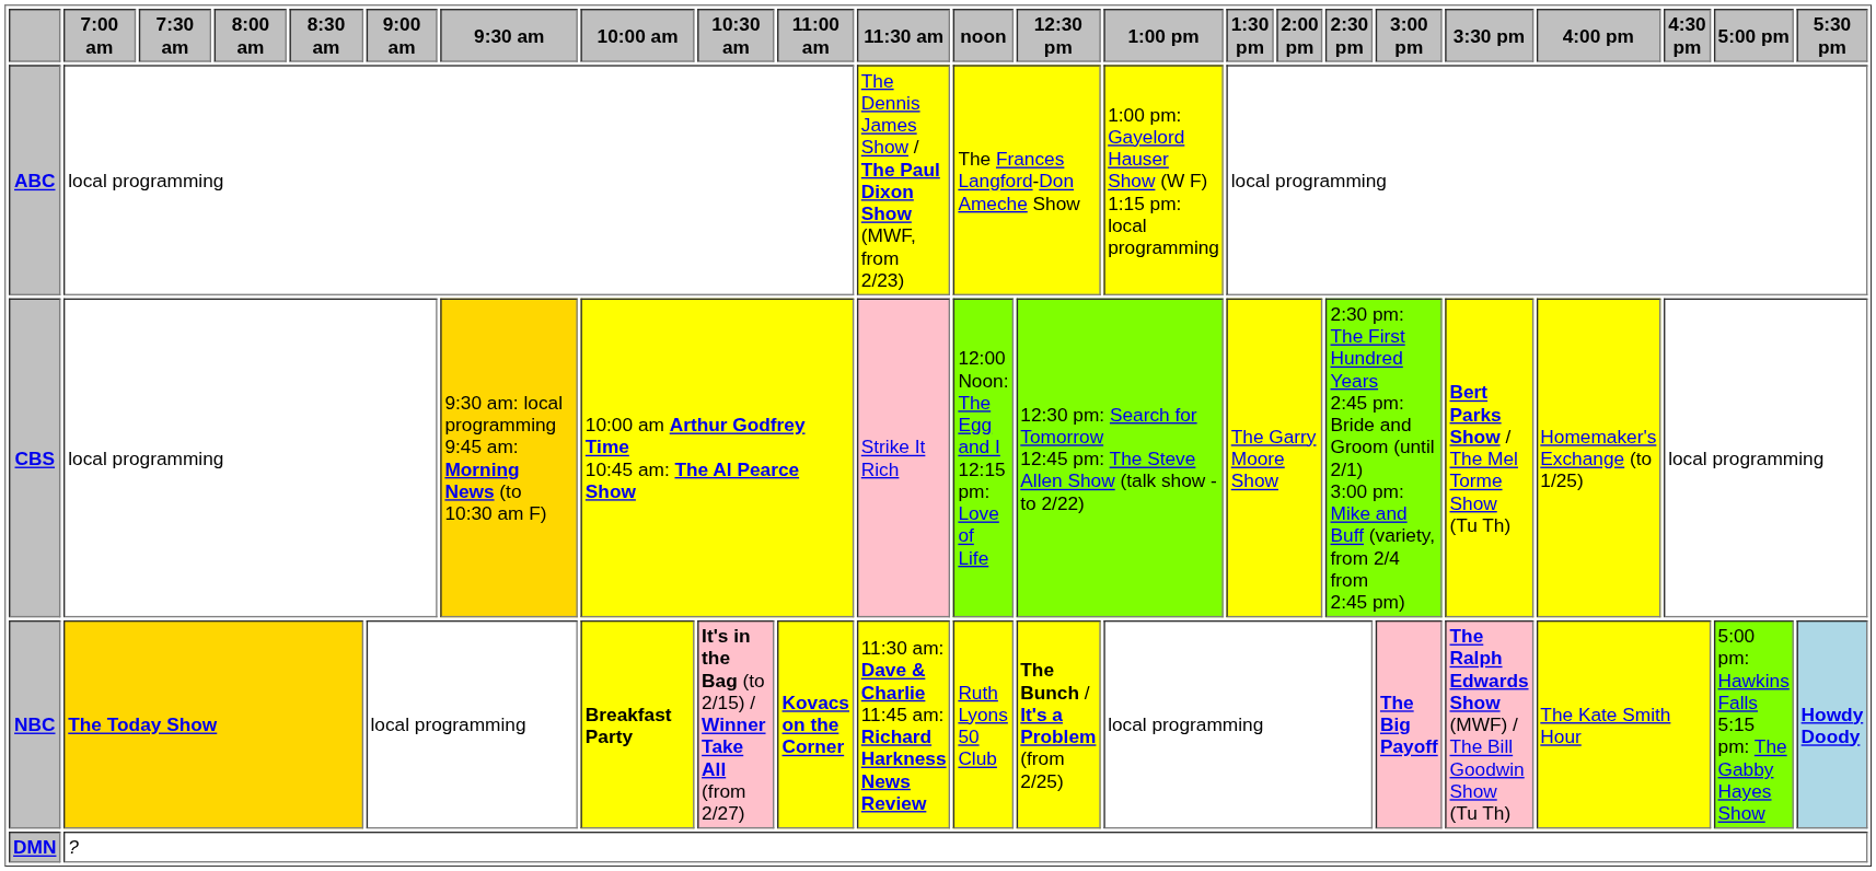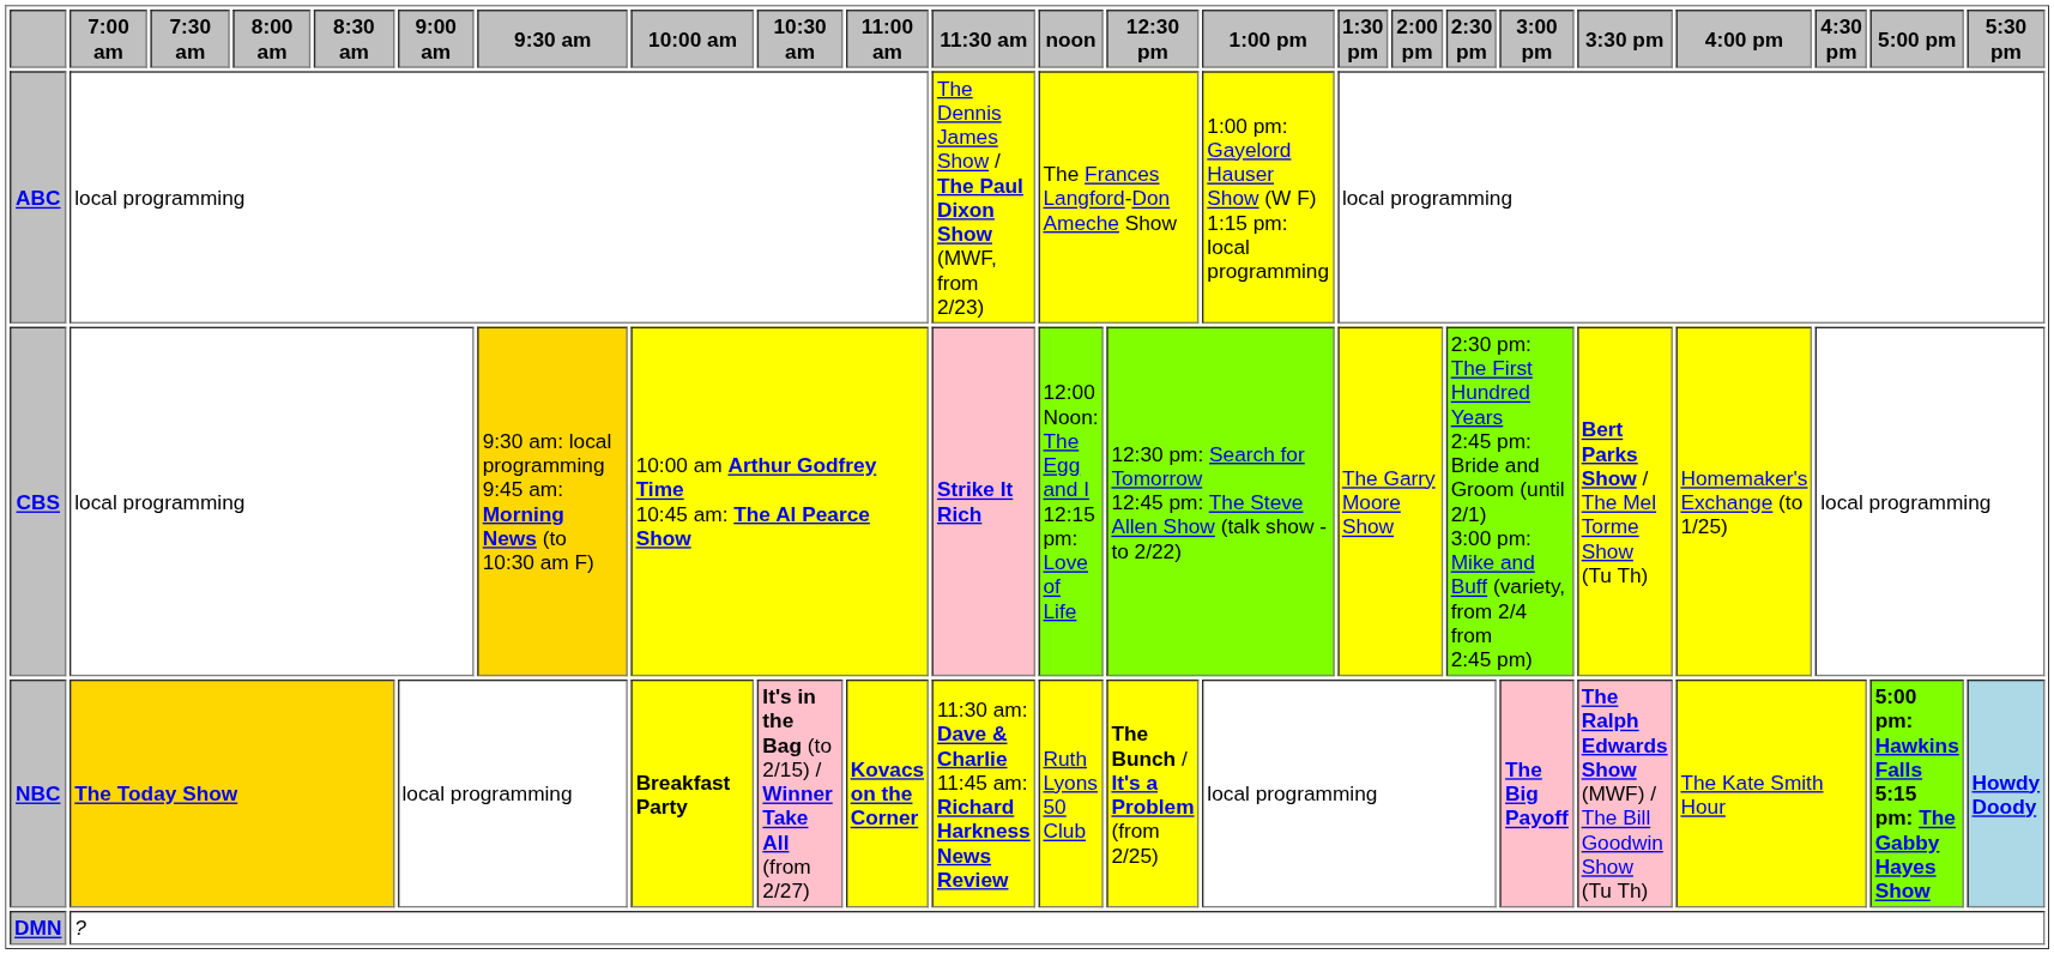 <table border="1" cellpadding="2" style="font-size:80%">
 <tr>
 <th bgcolor="#C0C0C0"> </th>
 <th width="13%" bgcolor="#C0C0C0">7:00 am</th>
 <th width="14%" bgcolor="#C0C0C0">7:30 am</th>
 <th width="13%" bgcolor="#C0C0C0">8:00 am</th>
 <th width="14%" bgcolor="#C0C0C0">8:30 am</th>
 <th width="13%" bgcolor="#C0C0C0">9:00 am</th>
 <th width="14%" bgcolor="#C0C0C0">9:30 am</th>
 <th width="13%" bgcolor="#C0C0C0">10:00 am</th>
 <th width="14%" bgcolor="#C0C0C0">10:30 am</th>
 <th width="13%" bgcolor="#C0C0C0">11:00 am</th>
 <th width="14%" bgcolor="#C0C0C0">11:30 am</th>
 <th width="13%" bgcolor="#C0C0C0">noon</th>
 <th width="14%" bgcolor="#C0C0C0">12:30 pm</th>
 <th width="13%" bgcolor="#C0C0C0">1:00 pm</th>
 <th width="14%" bgcolor="#C0C0C0">1:30 pm</th>
 <th width="13%" bgcolor="#C0C0C0">2:00 pm</th>
 <th width="14%" bgcolor="#C0C0C0">2:30 pm</th>
 <th width="13%" bgcolor="#C0C0C0">3:00 pm</th>
 <th width="14%" bgcolor="#C0C0C0">3:30 pm</th>
 <th width="13%" bgcolor="#C0C0C0">4:00 pm</th>
 <th width="14%" bgcolor="#C0C0C0">4:30 pm</th>
 <th width="13%" bgcolor="#C0C0C0">5:00 pm</th>
 <th width="14%" bgcolor="#C0C0C0">5:30 pm</th>
 </tr>
 <tr>
 <th bgcolor="#C0C0C0"><a href='#'>ABC</a></th>
 <td bgcolor="white" colspan="9">local programming</td>
 <td bgcolor="yellow"><a href='#'>The Dennis James Show</a> / <strong><a href='#'>The Paul Dixon Show</a></strong> (MWF, from 2/23)</td>
 <td bgcolor="yellow" colspan="2">The <a href='#'>Frances Langford</a>-<a href='#'>Don Ameche</a> Show</td>
 <td bgcolor="yellow">1:00 pm: <a href='#'>Gayelord Hauser Show</a> (W F)<br>1:15 pm: local programming</td>
 <td bgcolor="white" colspan="9">local programming</td>
 </tr>
 <tr>
 <th bgcolor="#C0C0C0"><a href='#'>CBS</a></th>
 <td bgcolor="white" colspan="5">local programming</td>
 <td bgcolor="gold">9:30 am: local programming<br>9:45 am: <strong><a href='#'>Morning News</a></strong> (to 10:30 am F)</td>
 <td bgcolor="yellow" colspan="3">10:00 am <strong><a href='#'>Arthur Godfrey Time</a></strong><br>10:45 am: <strong><a href='#'>The Al Pearce Show</a></strong></td>
-<td bgcolor="pink"><a href='#'>Strike It Rich</a></td>
+<td bgcolor="pink"><strong><a href='#'>Strike It Rich</a></strong></td>
 <td bgcolor="chartreuse">12:00 Noon: <a href='#'>The Egg and I</a><br>12:15 pm: <a href='#'>Love of Life</a></td>
 <td bgcolor="chartreuse" colspan="2">12:30 pm: <a href='#'>Search for Tomorrow</a><br>12:45 pm: <a href='#'>The Steve Allen Show</a> (talk show -to 2/22)</td>
 <td bgcolor="yellow" colspan="2"><a href='#'>The Garry Moore Show</a></td>
 <td bgcolor="chartreuse" colspan="2">2:30 pm: <a href='#'>The First Hundred Years</a><br>2:45 pm: Bride and Groom (until 2/1) 3:00 pm: <a href='#'>Mike and Buff</a> (variety, from 2/4 from 2:45 pm)</td>
 <td bgcolor="yellow"><strong><a href='#'>Bert Parks Show</a></strong> / <a href='#'>The Mel Torme Show</a> (Tu Th)</td>
 <td bgcolor="yellow"><a href='#'>Homemaker's Exchange</a> (to 1/25)</td>
 <td bgcolor="white" colspan="3">local programming</td>
 </tr>
 <tr>
 <th bgcolor="#C0C0C0"><a href='#'>NBC</a></th>
 <td bgcolor="gold" colspan="4"><strong><a href='#'>The Today Show</a></strong></td>
 <td bgcolor="white" colspan="2">local programming</td>
 <td bgcolor="yellow"><strong>Breakfast Party</strong></td>
 <td bgcolor="pink"><strong>It's in the Bag</strong> (to 2/15) / <strong><a href='#'>Winner Take All</a></strong> (from 2/27)</td>
 <td bgcolor="yellow"><strong><a href='#'>Kovacs on the Corner</a></strong></td>
 <td bgcolor="yellow">11:30 am: <strong><a href='#'>Dave & Charlie</a></strong><br>11:45 am: <strong><a href='#'>Richard Harkness News Review</a></strong></td>
 <td bgcolor="yellow"><a href='#'>Ruth Lyons 50 Club</a></td>
 <td bgcolor="yellow"><strong>The Bunch</strong> / <strong><a href='#'>It's a Problem</a></strong> (from 2/25)</td>
 <td bgcolor="white" colspan="4">local programming</td>
 <td bgcolor="pink"><strong><a href='#'>The Big Payoff</a></strong></td>
 <td bgcolor="pink"><strong><a href='#'>The Ralph Edwards Show</a></strong> (MWF) / <a href='#'>The Bill Goodwin Show</a> (Tu Th)</td>
 <td bgcolor="yellow" colspan="2"><a href='#'>The Kate Smith Hour</a></td>
-<td bgcolor="chartreuse">5:00 pm: <a href='#'>Hawkins Falls</a><br>5:15 pm: <a href='#'>The Gabby Hayes Show</a></td>
+<td bgcolor="chartreuse"><strong>5:00 pm: <a href='#'>Hawkins Falls</a><br>5:15 pm: <a href='#'>The Gabby Hayes Show</a></strong></td>
 <td bgcolor="lightblue"><strong><a href='#'>Howdy Doody</a></strong></td>
 </tr>
 <tr>
 <th bgcolor="#C0C0C0"><a href='#'>DMN</a></th>
 <td bgcolor="white" colspan="22"><em>?</em></td>
 </tr>
 </table>
